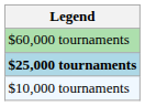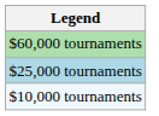 <table class="wikitable" style="font-size:85%;">
 <tr>
 <th>Legend</th>
 </tr>
 <tr style="background:#addfad;">
 <td>$60,000 tournaments</td>
 </tr>
 <tr style="background:lightblue;">
-<td><strong>$25,000 tournaments</strong></td>
+<td>$25,000 tournaments</td>
 </tr>
 <tr style="background:#f0f8ff;">
 <td>$10,000 tournaments</td>
 </tr>
 </table>
